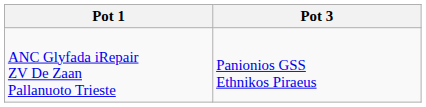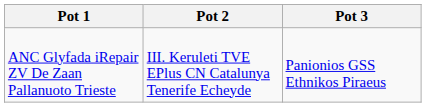 <table class="wikitable collapsible">
 <tr>
 <th width=33%>Pot 1</th>
+<th width=33%>Pot 2</th>
 <th width=33%>Pot 3</th>
 </tr>
 <tr>
 <td><br> <a href='#'>ANC Glyfada iRepair</a> <br>  <a href='#'>ZV De Zaan</a> <br>  <a href='#'>Pallanuoto Trieste</a></td>
+<td><br> <a href='#'>III. Keruleti TVE</a> <br> <a href='#'>EPlus CN Catalunya</a><br>  <a href='#'>Tenerife Echeyde</a><br></td>
 <td><br> <a href='#'>Panionios GSS</a><br>  <a href='#'>Ethnikos Piraeus</a></td>
 </tr>
 </table>
